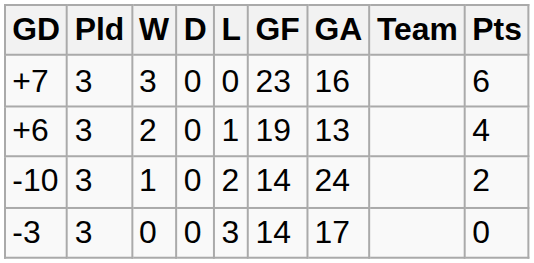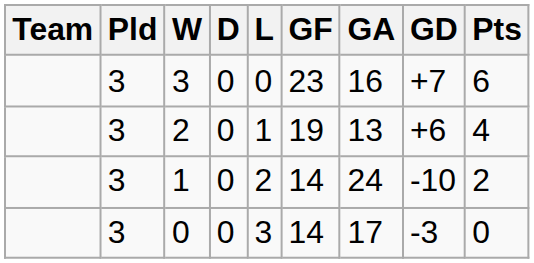 <table class="wikitable">
 <tr>
-<th>GD</th>
+<th>Team</th>
 <th>Pld</th>
 <th>W</th>
 <th>D</th>
 <th>L</th>
 <th>GF</th>
 <th>GA</th>
-<th>Team</th>
+<th>GD</th>
 <th>Pts</th>
 </tr>
 <tr>
-<td>+7</td>
+<td></td>
 <td>3</td>
 <td>3</td>
 <td>0</td>
 <td>0</td>
 <td>23</td>
 <td>16</td>
-<td></td>
+<td>+7</td>
 <td>6</td>
 </tr>
 <tr>
-<td>+6</td>
+<td></td>
 <td>3</td>
 <td>2</td>
 <td>0</td>
 <td>1</td>
 <td>19</td>
 <td>13</td>
-<td></td>
+<td>+6</td>
 <td>4</td>
 </tr>
 <tr>
-<td>-10</td>
+<td></td>
 <td>3</td>
 <td>1</td>
 <td>0</td>
 <td>2</td>
 <td>14</td>
 <td>24</td>
-<td></td>
+<td>-10</td>
 <td>2</td>
 </tr>
 <tr>
-<td>-3</td>
+<td></td>
 <td>3</td>
 <td>0</td>
 <td>0</td>
 <td>3</td>
 <td>14</td>
 <td>17</td>
-<td></td>
+<td>-3</td>
 <td>0</td>
 </tr>
 </table>
